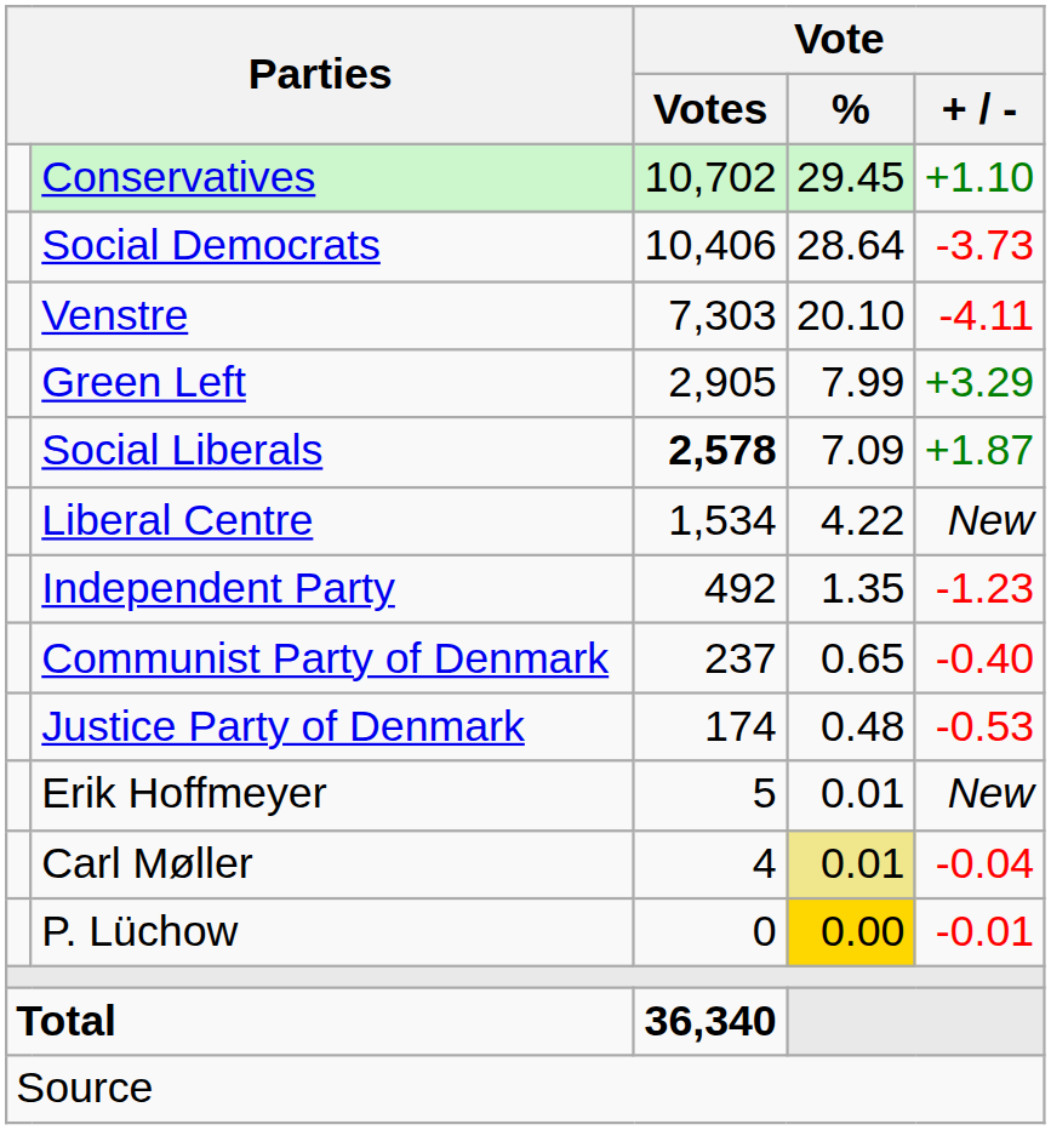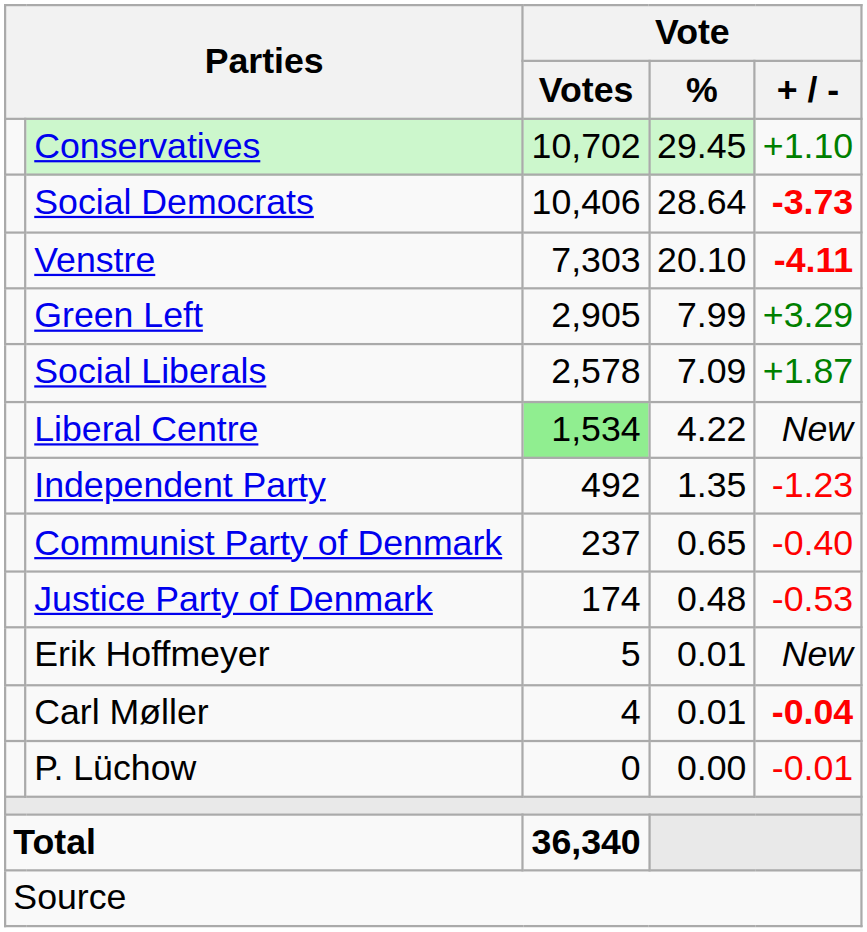 <table class="wikitable" style="text-align:right;">
 <tr>
 <th style="text-align:centre;" rowspan="2" colspan="2" width="225">Parties</th>
 <th colspan="3">Vote</th>
 </tr>
 <tr>
 <th width="15">Votes</th>
 <th width="15">%</th>
 <th width="15">+ / -</th>
 </tr>
 <tr>
 <td width="2" style="color:inherit;background:"></td>
 <td bgcolor=#ccf7cc  align="left"><a href='#'>Conservatives</a></td>
 <td bgcolor=#ccf7cc>10,702</td>
 <td bgcolor=#ccf7cc>29.45</td>
 <td style=color:green;>+1.10</td>
 </tr>
 <tr>
 <td width="2" style="color:inherit;background:"></td>
 <td align="left"><a href='#'>Social Democrats</a></td>
 <td>10,406</td>
 <td>28.64</td>
-<td style=color:red;>-3.73</td>
+<td style=color:red;><strong>-3.73</strong></td>
 </tr>
 <tr>
 <td width="2" style="color:inherit;background:"></td>
 <td align="left"><a href='#'>Venstre</a></td>
 <td>7,303</td>
 <td>20.10</td>
-<td style=color:red;>-4.11</td>
+<td style=color:red;><strong>-4.11</strong></td>
 </tr>
 <tr>
 <td width="2" style="color:inherit;background:"></td>
 <td align="left"><a href='#'>Green Left</a></td>
 <td>2,905</td>
 <td>7.99</td>
 <td style=color:green;>+3.29</td>
 </tr>
 <tr>
 <td width="2" style="color:inherit;background:"></td>
 <td align="left"><a href='#'>Social Liberals</a></td>
-<td><strong>2,578</strong></td>
+<td>2,578</td>
 <td>7.09</td>
 <td style=color:green;>+1.87</td>
 </tr>
 <tr>
 <td width="2" style="color:inherit;background:"></td>
 <td align="left"><a href='#'>Liberal Centre</a></td>
-<td>1,534</td>
+<td style="background: lightgreen;">1,534</td>
 <td>4.22</td>
 <td><em>New</em></td>
 </tr>
 <tr>
 <td width="2" style="color:inherit;background:"></td>
 <td align="left"><a href='#'>Independent Party</a></td>
 <td>492</td>
 <td>1.35</td>
 <td style=color:red;>-1.23</td>
 </tr>
 <tr>
 <td width="2" style="color:inherit;background:"></td>
 <td align="left"><a href='#'>Communist Party of Denmark</a></td>
 <td>237</td>
 <td>0.65</td>
 <td style=color:red;>-0.40</td>
 </tr>
 <tr>
 <td width="2" style="color:inherit;background:"></td>
 <td align="left"><a href='#'>Justice Party of Denmark</a></td>
 <td>174</td>
 <td>0.48</td>
 <td style=color:red;>-0.53</td>
 </tr>
 <tr>
 <td width="2" style="color:inherit;background:"></td>
 <td align="left">Erik Hoffmeyer</td>
 <td>5</td>
 <td>0.01</td>
 <td><em>New</em></td>
 </tr>
 <tr>
 <td width="2" style="color:inherit;background:"></td>
 <td align="left">Carl Møller</td>
 <td>4</td>
-<td style="background: khaki;">0.01</td>
-<td style=color:red;>-0.04</td>
+<td>0.01</td>
+<td style=color:red;><strong>-0.04</strong></td>
 </tr>
 <tr>
 <td width="2" style="color:inherit;background:"></td>
 <td align="left">P. Lüchow</td>
 <td>0</td>
-<td style="background: gold;">0.00</td>
+<td>0.00</td>
 <td style=color:red;>-0.01</td>
 </tr>
 <tr>
 <td colspan="7" bgcolor="#E9E9E9"></td>
 </tr>
 <tr>
 <td align="left" colspan="2"><strong>Total</strong></td>
 <td><strong>36,340</strong></td>
 <td bgcolor="#E9E9E9" colspan="2"></td>
 </tr>
 <tr>
 <td align="left" colspan="6">Source</td>
 </tr>
 </table>
